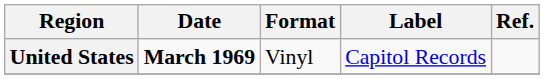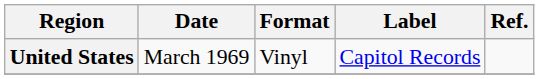 <table class="wikitable plainrowheaders">
 <tr>
 <th scope="col">Region</th>
 <th scope="col">Date</th>
 <th scope="col">Format</th>
 <th scope="col">Label</th>
 <th scope="col">Ref.</th>
 </tr>
 <tr>
 <th scope="row">United States</th>
-<td><strong>March 1969</strong></td>
+<td>March 1969</td>
 <td>Vinyl</td>
 <td><a href='#'>Capitol Records</a></td>
 <td></td>
 </tr>
 <tr>
 </tr>
 </table>
